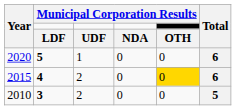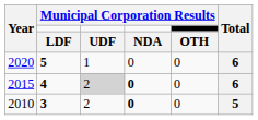 <table class="wikitable">
 <tr>
 <th rowspan="3">Year</th>
 <th colspan="4"><a href='#'>Municipal Corporation Results</a></th>
 <th rowspan="3">Total</th>
 </tr>
 <tr>
 <td style="background:"></td>
 <td style="background:"></td>
 <td style="background:"></td>
 <td style="background:black"></td>
 </tr>
 <tr>
 <th>LDF</th>
 <th>UDF</th>
 <th>NDA</th>
 <th>OTH</th>
 </tr>
 <tr>
 <td><a href='#'>2020</a></td>
 <td><strong>5</strong></td>
 <td>1</td>
 <td>0</td>
 <td>0</td>
 <th>6</th>
 </tr>
 <tr>
 <td><a href='#'>2015</a></td>
 <td><strong>4</strong></td>
-<td>2</td>
+<td style="background: lightgrey;">2</td>
+<td><strong>0</strong></td>
 <td>0</td>
-<td style="background: gold;">0</td>
 <th>6</th>
 </tr>
 <tr>
 <td>2010</td>
 <td><strong>3</strong></td>
 <td>2</td>
-<td>0</td>
+<td><strong>0</strong></td>
 <td>0</td>
 <th>5</th>
 </tr>
 </table>
